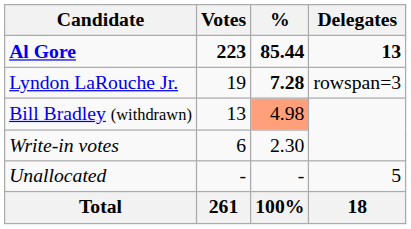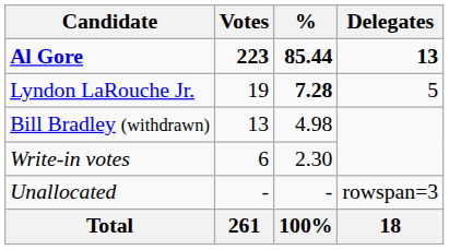 <table class="wikitable sortable" style="text-align:right;">
 <tr>
 <th>Candidate</th>
 <th>Votes</th>
 <th>%</th>
 <th>Delegates</th>
 </tr>
 <tr>
 <td style="text-align:left;" data-sort-value="Gore, Al"><strong><a href='#'>Al Gore</a></strong></td>
 <td><strong>223</strong></td>
 <td><strong>85.44</strong></td>
 <td><strong>13</strong></td>
 </tr>
 <tr>
 <td style="text-align:left;" data-sort-value="LaRouche Jr., Lyndon"><a href='#'>Lyndon LaRouche Jr.</a></td>
 <td>19</td>
 <td><strong>7.28</strong></td>
-<td>rowspan=3 </td>
+<td>5</td>
 </tr>
 <tr>
 <td style="text-align:left;" data-sort-value="Bradley, Bill"><a href='#'>Bill Bradley</a> <small>(withdrawn)</small></td>
 <td>13</td>
-<td style="background: lightsalmon;">4.98</td>
+<td>4.98</td>
 </tr>
 <tr>
 <td style="text-align:left;" data-sort-value="ZZZ"><em>Write-in votes</em></td>
 <td>6</td>
 <td>2.30</td>
 </tr>
 <tr>
 <td style="text-align:left;" data-sort-value="ZZZ"><em>Unallocated</em></td>
 <td>-</td>
 <td>-</td>
-<td>5</td>
+<td>rowspan=3 </td>
 </tr>
 <tr>
 <th>Total</th>
 <th>261</th>
 <th>100%</th>
 <th>18</th>
 </tr>
 </table>
